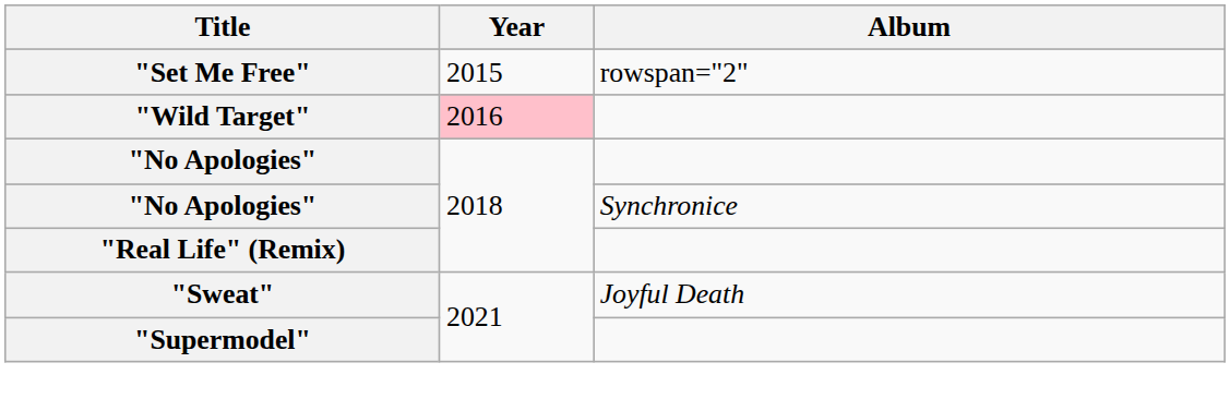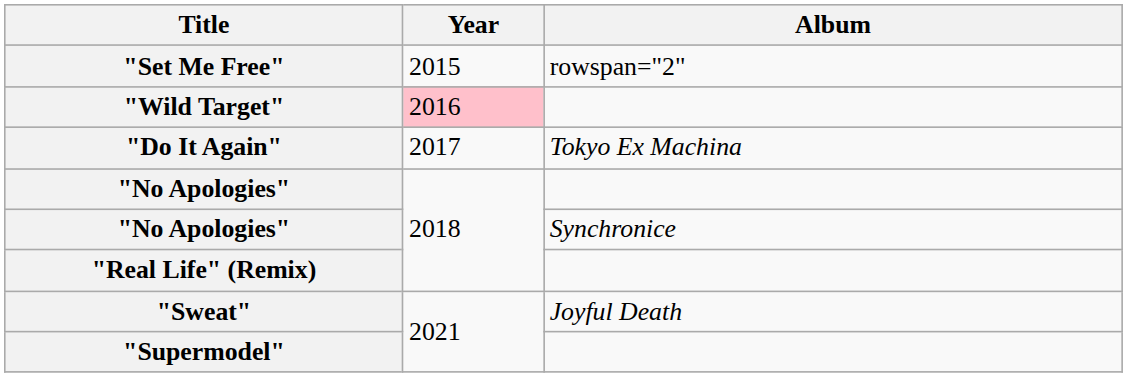 <table class="wikitable plainrowheaders">
 <tr>
 <th scope="col" style="width:15em;">Title</th>
 <th scope="col" style="width:5em;">Year</th>
 <th scope="col" style="width:22em;">Album</th>
 </tr>
 <tr>
 <th scope="row">"Set Me Free"<br></th>
 <td>2015</td>
 <td>rowspan="2" </td>
 </tr>
 <tr>
 <th scope="row">"Wild Target"<br></th>
 <td style="background: pink;">2016</td>
+</tr>
+<tr>
+<th scope="row">"Do It Again"<br></th>
+<td>2017</td>
+<td><em>Tokyo Ex Machina</em></td>
 </tr>
 <tr>
 <th scope="row">"No Apologies"<br></th>
 <td rowspan="3">2018</td>
 <td></td>
 </tr>
 <tr>
 <th scope="row">"No Apologies"<br></th>
 <td><em>Synchronice</em></td>
 </tr>
 <tr>
 <th scope="row">"Real Life" (Remix)<br></th>
 <td></td>
 </tr>
 <tr>
 <th scope="row">"Sweat" <br></th>
 <td rowspan="2">2021</td>
 <td><em>Joyful Death</em></td>
 </tr>
 <tr>
 <th scope="row">"Supermodel" <br></th>
 <td></td>
 </tr>
 </table>
